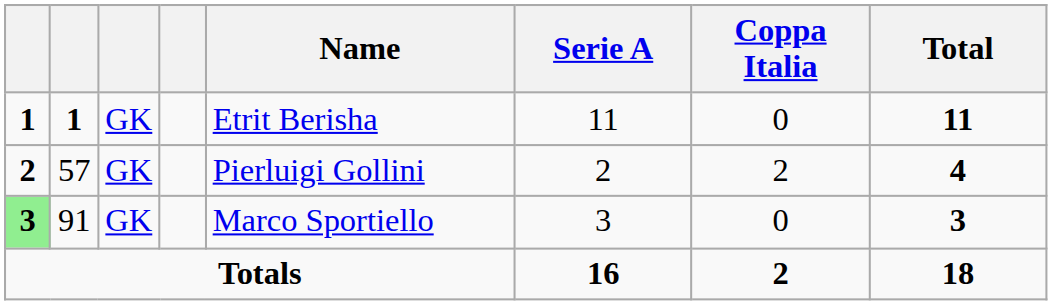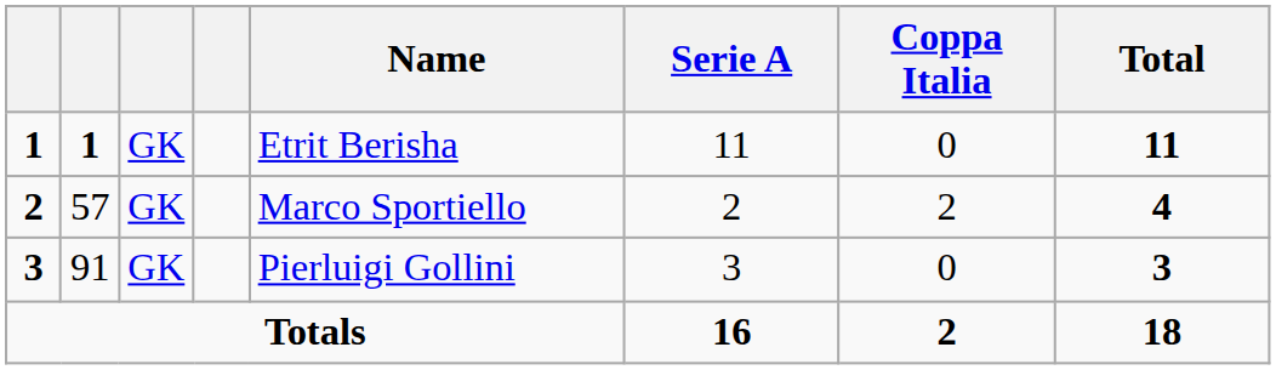 <table class="wikitable" style="text-align:center">
 <tr>
 <th width=15></th>
 <th width=15></th>
 <th width=15></th>
 <th width=15></th>
 <th width=145>Name</th>
 <th width=80><a href='#'>Serie A</a></th>
 <th width=80><a href='#'>Coppa Italia</a></th>
 <th width=80>Total</th>
 </tr>
 <tr>
 <td><strong>1</strong></td>
 <td><strong>1</strong></td>
 <td><a href='#'>GK</a></td>
 <td></td>
 <td align=left><a href='#'>Etrit Berisha</a></td>
 <td>11</td>
 <td>0</td>
 <td><strong>11</strong></td>
 </tr>
 <tr>
 <td><strong>2</strong></td>
 <td>57</td>
 <td><a href='#'>GK</a></td>
 <td></td>
-<td align=left><a href='#'>Pierluigi Gollini</a></td>
+<td align=left><a href='#'>Marco Sportiello</a></td>
 <td>2</td>
 <td>2</td>
 <td><strong>4</strong></td>
 </tr>
 <tr>
-<td style="background: lightgreen;"><strong>3</strong></td>
+<td><strong>3</strong></td>
 <td>91</td>
 <td><a href='#'>GK</a></td>
 <td></td>
-<td align=left><a href='#'>Marco Sportiello</a></td>
+<td align=left><a href='#'>Pierluigi Gollini</a></td>
 <td>3</td>
 <td>0</td>
 <td><strong>3</strong></td>
 </tr>
 <tr>
 <td colspan=5><strong>Totals</strong></td>
 <td><strong>16</strong></td>
 <td><strong>2</strong></td>
 <td><strong>18</strong></td>
 </tr>
 </table>
